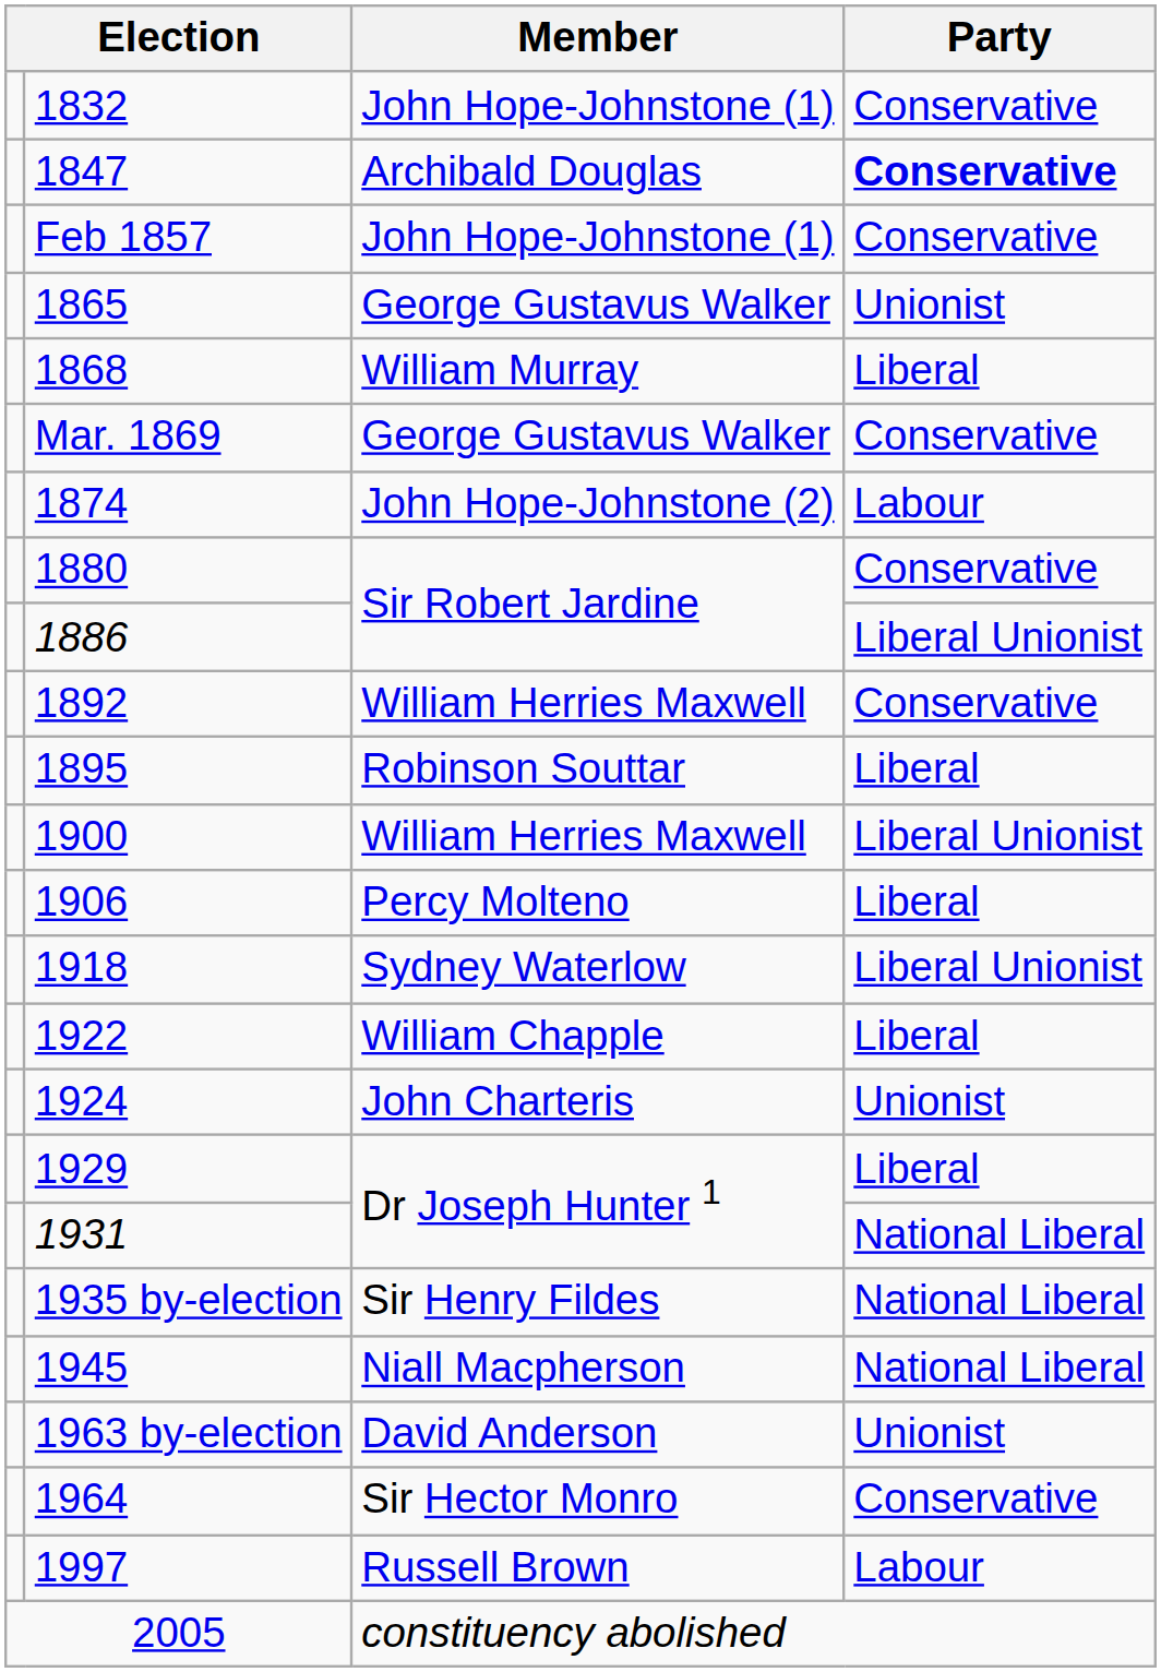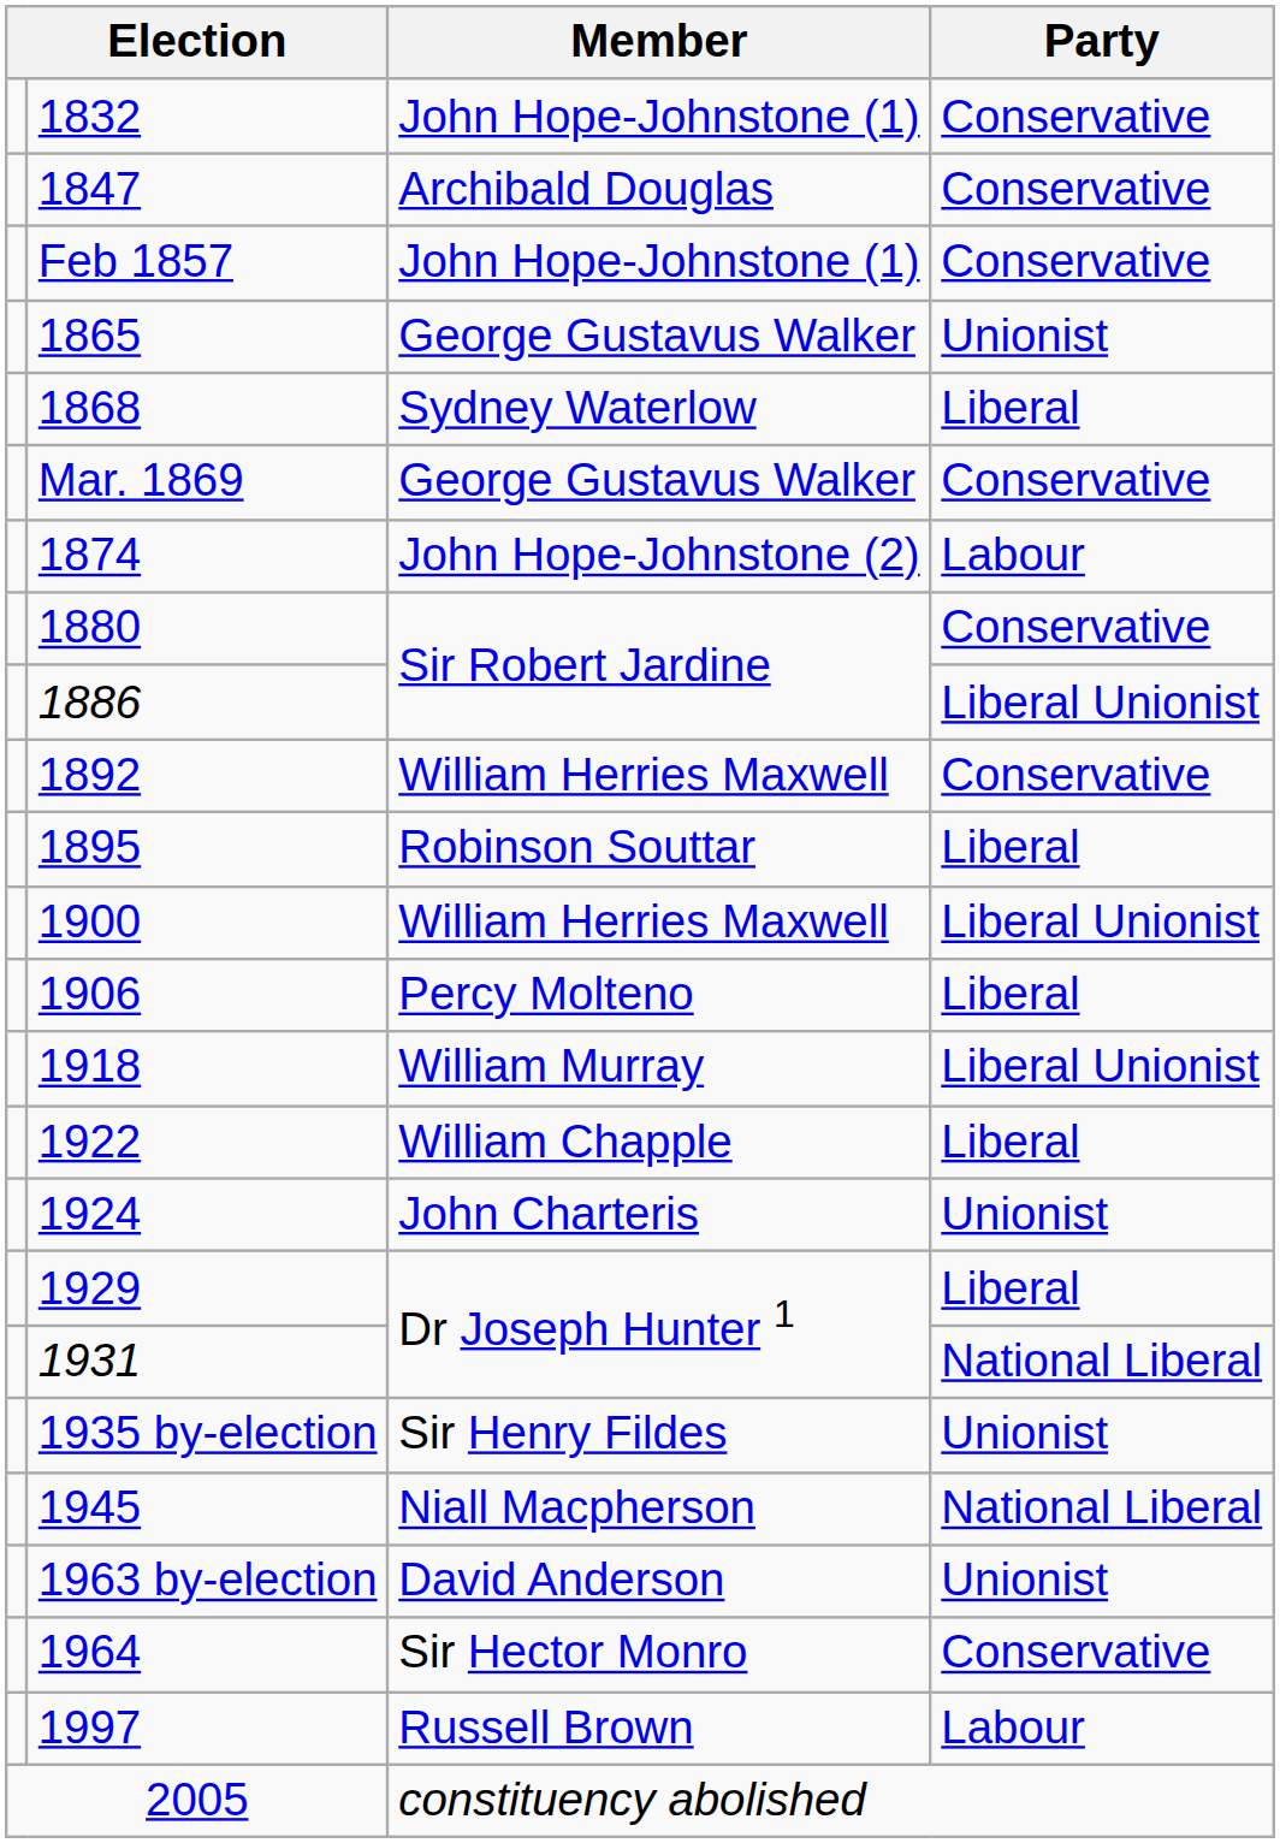 <table class="wikitable">
 <tr>
 <th colspan="2">Election</th>
 <th>Member</th>
 <th>Party</th>
 </tr>
 <tr>
 <td style="color:inherit;background-color: "></td>
 <td><a href='#'>1832</a></td>
 <td><a href='#'>John Hope-Johnstone (1)</a></td>
 <td><a href='#'>Conservative</a></td>
 </tr>
 <tr>
 <td style="color:inherit;background-color: "></td>
 <td><a href='#'>1847</a></td>
 <td><a href='#'>Archibald Douglas</a></td>
-<td><strong><a href='#'>Conservative</a></strong></td>
+<td><a href='#'>Conservative</a></td>
 </tr>
 <tr>
 <td style="color:inherit;background-color: "></td>
 <td><a href='#'>Feb 1857</a></td>
 <td><a href='#'>John Hope-Johnstone (1)</a></td>
 <td><a href='#'>Conservative</a></td>
 </tr>
 <tr>
 <td style="color:inherit;background-color: "></td>
 <td><a href='#'>1865</a></td>
 <td><a href='#'>George Gustavus Walker</a></td>
 <td><a href='#'>Unionist</a></td>
 </tr>
 <tr>
 <td style="color:inherit;background-color: "></td>
 <td><a href='#'>1868</a></td>
-<td><a href='#'>William Murray</a></td>
+<td><a href='#'>Sydney Waterlow</a> </td>
 <td><a href='#'>Liberal</a></td>
 </tr>
 <tr>
 <td style="color:inherit;background-color: "></td>
 <td><a href='#'>Mar. 1869</a></td>
 <td><a href='#'>George Gustavus Walker</a></td>
 <td><a href='#'>Conservative</a></td>
 </tr>
 <tr>
 <td style="color:inherit;background-color: "></td>
 <td><a href='#'>1874</a></td>
 <td><a href='#'>John Hope-Johnstone (2)</a></td>
 <td><a href='#'>Labour</a></td>
 </tr>
 <tr>
 <td style="color:inherit;background-color: "></td>
 <td><a href='#'>1880</a></td>
 <td rowspan="2"><a href='#'>Sir Robert Jardine</a></td>
 <td><a href='#'>Conservative</a></td>
 </tr>
 <tr>
 <td style="color:inherit;background-color: "></td>
 <td><em>1886</em></td>
 <td><a href='#'>Liberal Unionist</a></td>
 </tr>
 <tr>
 <td style="color:inherit;background-color: "></td>
 <td><a href='#'>1892</a></td>
 <td><a href='#'>William Herries Maxwell</a></td>
 <td><a href='#'>Conservative</a></td>
 </tr>
 <tr>
 <td style="color:inherit;background-color: "></td>
 <td><a href='#'>1895</a></td>
 <td><a href='#'>Robinson Souttar</a></td>
 <td><a href='#'>Liberal</a></td>
 </tr>
 <tr>
 <td style="color:inherit;background-color: "></td>
 <td><a href='#'>1900</a></td>
 <td><a href='#'>William Herries Maxwell</a></td>
 <td><a href='#'>Liberal Unionist</a></td>
 </tr>
 <tr>
 <td style="color:inherit;background-color: "></td>
 <td><a href='#'>1906</a></td>
 <td><a href='#'>Percy Molteno</a></td>
 <td><a href='#'>Liberal</a></td>
 </tr>
 <tr>
 <td style="color:inherit;background-color: "></td>
 <td><a href='#'>1918</a></td>
-<td><a href='#'>Sydney Waterlow</a> </td>
+<td><a href='#'>William Murray</a></td>
 <td><a href='#'>Liberal Unionist</a></td>
 </tr>
 <tr>
 <td style="color:inherit;background-color: "></td>
 <td><a href='#'>1922</a></td>
 <td><a href='#'>William Chapple</a></td>
 <td><a href='#'>Liberal</a></td>
 </tr>
 <tr>
 <td style="color:inherit;background-color: "></td>
 <td><a href='#'>1924</a></td>
 <td><a href='#'>John Charteris</a></td>
 <td><a href='#'>Unionist</a></td>
 </tr>
 <tr>
 <td style="color:inherit;background-color: "></td>
 <td><a href='#'>1929</a></td>
 <td rowspan="2">Dr <a href='#'>Joseph Hunter</a> <sup>1</sup></td>
 <td><a href='#'>Liberal</a></td>
 </tr>
 <tr>
 <td style="color:inherit;background-color: "></td>
 <td><em>1931</em></td>
 <td><a href='#'>National Liberal</a></td>
 </tr>
 <tr>
 <td style="color:inherit;background-color: "></td>
 <td><a href='#'>1935 by-election</a></td>
 <td>Sir <a href='#'>Henry Fildes</a></td>
-<td><a href='#'>National Liberal</a></td>
+<td><a href='#'>Unionist</a></td>
 </tr>
 <tr>
 <td style="color:inherit;background-color: "></td>
 <td><a href='#'>1945</a></td>
 <td><a href='#'>Niall Macpherson</a></td>
 <td><a href='#'>National Liberal</a></td>
 </tr>
 <tr>
 <td style="color:inherit;background-color: "></td>
 <td><a href='#'>1963 by-election</a></td>
 <td><a href='#'>David Anderson</a></td>
 <td><a href='#'>Unionist</a></td>
 </tr>
 <tr>
 <td style="color:inherit;background-color: "></td>
 <td><a href='#'>1964</a></td>
 <td>Sir <a href='#'>Hector Monro</a></td>
 <td><a href='#'>Conservative</a></td>
 </tr>
 <tr>
 <td style="color:inherit;background-color: "></td>
 <td><a href='#'>1997</a></td>
 <td><a href='#'>Russell Brown</a></td>
 <td><a href='#'>Labour</a></td>
 </tr>
 <tr>
 <td colspan="2" align="center"><a href='#'>2005</a></td>
 <td colspan="2"><em>constituency abolished</em></td>
 </tr>
 </table>
